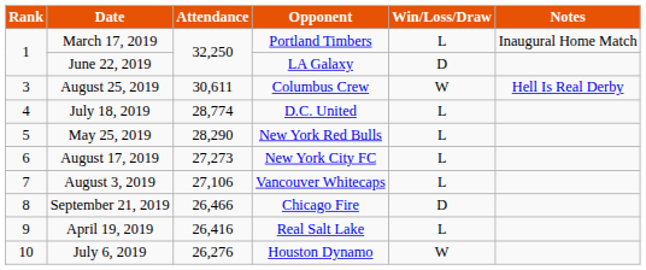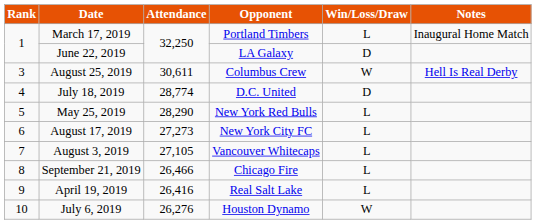 <table class=wikitable style="text-align:center">
 <tr>
 <th style="background:#E75204; color:#FFFFFF; ">Rank</th>
 <th style="background:#E75204; color:#FFFFFF; ">Date</th>
 <th style="background:#E75204; color:#FFFFFF; ">Attendance</th>
 <th style="background:#E75204; color:#FFFFFF; ">Opponent</th>
 <th style="background:#E75204; color:#FFFFFF; ">Win/Loss/Draw</th>
 <th style="background:#E75204; color:#FFFFFF; ">Notes</th>
 </tr>
 <tr>
 <td rowspan="2">1</td>
 <td align=center>March 17, 2019</td>
 <td rowspan="2">32,250</td>
 <td><a href='#'>Portland Timbers</a></td>
 <td>L</td>
 <td>Inaugural Home Match</td>
 </tr>
 <tr>
 <td align=center>June 22, 2019</td>
 <td><a href='#'>LA Galaxy</a></td>
 <td>D</td>
 <td></td>
 </tr>
 <tr>
 <td>3</td>
 <td align=center>August 25, 2019</td>
 <td>30,611</td>
 <td><a href='#'>Columbus Crew</a></td>
 <td>W</td>
 <td><a href='#'>Hell Is Real Derby</a></td>
 </tr>
 <tr>
 <td>4</td>
 <td align=center>July 18, 2019</td>
 <td>28,774</td>
 <td><a href='#'>D.C. United</a></td>
-<td>L</td>
+<td>D</td>
 <td></td>
 </tr>
 <tr>
 <td>5</td>
 <td align=center>May 25, 2019</td>
 <td>28,290</td>
 <td><a href='#'>New York Red Bulls</a></td>
 <td>L</td>
 <td></td>
 </tr>
 <tr>
 <td>6</td>
 <td align=center>August 17, 2019</td>
 <td>27,273</td>
 <td><a href='#'>New York City FC</a></td>
 <td>L</td>
 <td></td>
 </tr>
 <tr>
 <td>7</td>
 <td align=center>August 3, 2019</td>
-<td>27,106</td>
+<td>27,105</td>
 <td><a href='#'>Vancouver Whitecaps</a></td>
 <td>L</td>
 <td></td>
 </tr>
 <tr>
 <td>8</td>
 <td align=center>September 21, 2019</td>
 <td>26,466</td>
 <td><a href='#'>Chicago Fire</a></td>
-<td>D</td>
+<td>L</td>
 <td></td>
 </tr>
 <tr>
 <td>9</td>
 <td align=center>April 19, 2019</td>
 <td>26,416</td>
 <td><a href='#'>Real Salt Lake</a></td>
 <td>L</td>
 <td></td>
 </tr>
 <tr>
 <td>10</td>
 <td align=center>July 6, 2019</td>
 <td>26,276</td>
 <td><a href='#'>Houston Dynamo</a></td>
 <td>W</td>
 <td></td>
 </tr>
 </table>
